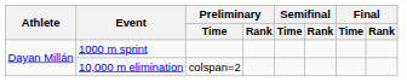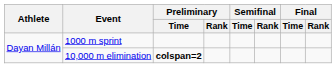 <table class=wikitable style=font-size:90%;text-align:center>
 <tr>
 <th rowspan=2>Athlete</th>
 <th rowspan=2>Event</th>
 <th colspan=2>Preliminary</th>
 <th colspan=2>Semifinal</th>
 <th colspan=2>Final</th>
 </tr>
 <tr style=font-size:95%>
 <th>Time</th>
 <th>Rank</th>
 <th>Time</th>
 <th>Rank</th>
 <th>Time</th>
 <th>Rank</th>
 </tr>
 <tr>
 <td rowspan=2 align=left><a href='#'>Dayan Millán</a></td>
 <td align=left><a href='#'>1000 m sprint</a></td>
 <td></td>
 <td></td>
 <td></td>
 <td></td>
 <td></td>
 <td></td>
 </tr>
 <tr>
 <td align=left><a href='#'>10,000 m elimination</a></td>
-<td>colspan=2 </td>
+<td><strong>colspan=2 </strong></td>
 <td></td>
 <td></td>
 <td></td>
 <td></td>
 </tr>
 </table>
